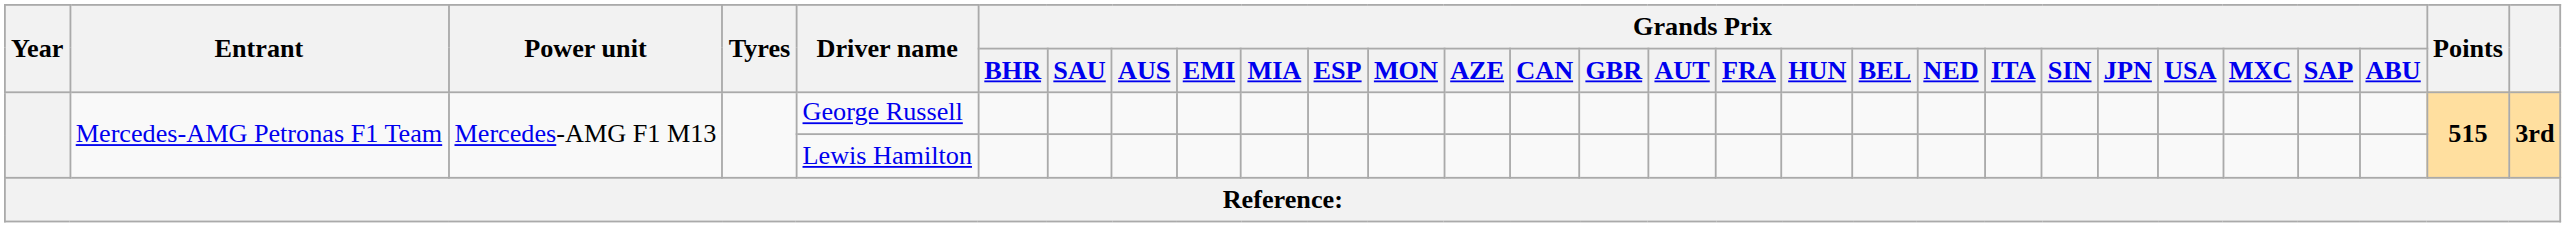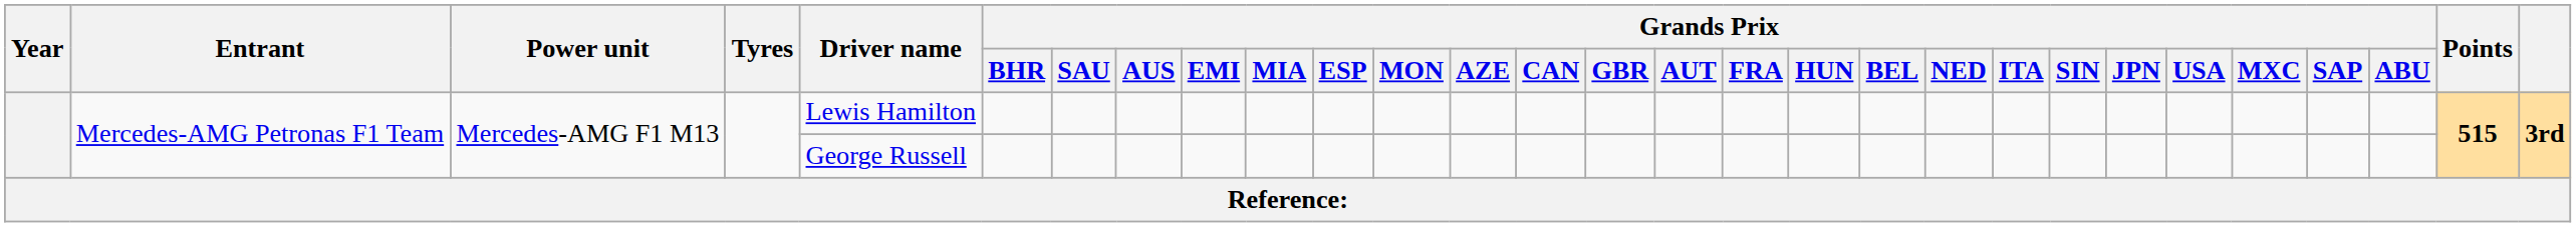 <table class="wikitable" style="text-align:center; font-size:90%">
 <tr>
 <th rowspan="2">Year</th>
 <th rowspan="2">Entrant</th>
 <th rowspan="2">Power unit</th>
 <th rowspan="2">Tyres</th>
 <th rowspan="2">Driver name</th>
 <th colspan="22">Grands Prix</th>
 <th rowspan="2">Points</th>
 <th rowspan="2"></th>
 </tr>
 <tr>
 <th><a href='#'>BHR</a></th>
 <th><a href='#'>SAU</a></th>
 <th><a href='#'>AUS</a></th>
 <th><a href='#'>EMI</a></th>
 <th><a href='#'>MIA</a></th>
 <th><a href='#'>ESP</a></th>
 <th><a href='#'>MON</a></th>
 <th><a href='#'>AZE</a></th>
 <th><a href='#'>CAN</a></th>
 <th><a href='#'>GBR</a></th>
 <th><a href='#'>AUT</a></th>
 <th><a href='#'>FRA</a></th>
 <th><a href='#'>HUN</a></th>
 <th><a href='#'>BEL</a></th>
 <th><a href='#'>NED</a></th>
 <th><a href='#'>ITA</a></th>
 <th><a href='#'>SIN</a></th>
 <th><a href='#'>JPN</a></th>
 <th><a href='#'>USA</a></th>
 <th><a href='#'>MXC</a></th>
 <th><a href='#'>SAP</a></th>
 <th><a href='#'>ABU</a></th>
 </tr>
 <tr>
 <th rowspan="2"></th>
 <td rowspan="2"><a href='#'>Mercedes-AMG Petronas F1 Team</a></td>
 <td rowspan="2"><a href='#'>Mercedes</a>-AMG F1 M13</td>
 <td rowspan="2"></td>
-<td align=left> <a href='#'>George Russell</a></td>
+<td align=left> <a href='#'>Lewis Hamilton</a></td>
 <td></td>
 <td></td>
 <td></td>
 <td></td>
 <td></td>
 <td></td>
 <td></td>
 <td></td>
 <td></td>
 <td></td>
 <td></td>
 <td></td>
 <td></td>
 <td></td>
 <td></td>
 <td></td>
 <td></td>
 <td></td>
 <td></td>
 <td></td>
 <td></td>
 <td></td>
 <th rowspan="2" style="background:#FFDF9F">515</th>
 <th rowspan="2" style="background:#FFDF9F">3rd</th>
 </tr>
 <tr>
-<td align=left> <a href='#'>Lewis Hamilton</a></td>
+<td align=left> <a href='#'>George Russell</a></td>
 <td></td>
 <td></td>
 <td></td>
 <td></td>
 <td></td>
 <td></td>
 <td></td>
 <td></td>
 <td></td>
 <td></td>
 <td></td>
 <td></td>
 <td></td>
 <td></td>
 <td></td>
 <td></td>
 <td></td>
 <td></td>
 <td></td>
 <td></td>
 <td></td>
 <td></td>
 </tr>
 <tr>
 <th colspan="29">Reference:</th>
 </tr>
 </table>
